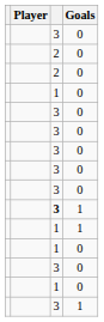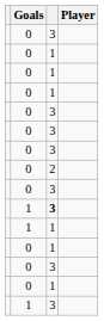 <table class="wikitable sortable" style="text-align:center;">
 <tr>
 <th></th>
+<th>Goals</th>
+<th></th>
 <th>Player</th>
-<th></th>
-<th>Goals</th>
 </tr>
 <tr>
 <td></td>
+<td>0</td>
+<td>3</td>
 <td align="left"></td>
-<td>3</td>
-<td>0</td>
 </tr>
 <tr>
 <td></td>
+<td>0</td>
+<td>1</td>
 <td align="left"></td>
-<td>2</td>
-<td>0</td>
 </tr>
 <tr>
 <td></td>
+<td>0</td>
+<td>1</td>
 <td align="left"></td>
-<td>2</td>
-<td>0</td>
 </tr>
 <tr>
 <td></td>
+<td>0</td>
+<td>1</td>
 <td align="left"></td>
-<td>1</td>
-<td>0</td>
 </tr>
 <tr>
 <td></td>
+<td>0</td>
+<td>3</td>
 <td align="left"></td>
-<td>3</td>
-<td>0</td>
 </tr>
 <tr>
 <td></td>
+<td>0</td>
+<td>3</td>
 <td align="left"></td>
-<td>3</td>
-<td>0</td>
 </tr>
 <tr>
 <td></td>
+<td>0</td>
+<td>3</td>
 <td align="left"></td>
-<td>3</td>
-<td>0</td>
 </tr>
 <tr>
 <td></td>
+<td>0</td>
+<td>2</td>
 <td align="left"></td>
-<td>3</td>
-<td>0</td>
 </tr>
 <tr>
 <td></td>
+<td>0</td>
+<td>3</td>
 <td align="left"></td>
-<td>3</td>
-<td>0</td>
 </tr>
 <tr>
 <td></td>
+<td>1</td>
+<td><strong>3</strong></td>
 <td align="left"></td>
-<td><strong>3</strong></td>
-<td>1</td>
 </tr>
 <tr>
 <td></td>
-<td align="left"></td>
 <td>1</td>
 <td>1</td>
+<td align="left"></td>
 </tr>
 <tr>
 <td></td>
+<td>0</td>
+<td>1</td>
 <td align="left"></td>
-<td>1</td>
-<td>0</td>
 </tr>
 <tr>
 <td></td>
+<td>0</td>
+<td>3</td>
 <td align="left"></td>
-<td>3</td>
-<td>0</td>
 </tr>
 <tr>
 <td></td>
+<td>0</td>
+<td>1</td>
 <td align="left"></td>
-<td>1</td>
-<td>0</td>
 </tr>
 <tr>
 <td></td>
+<td>1</td>
+<td>3</td>
 <td align="left"></td>
-<td>3</td>
-<td>1</td>
 </tr>
 </table>
